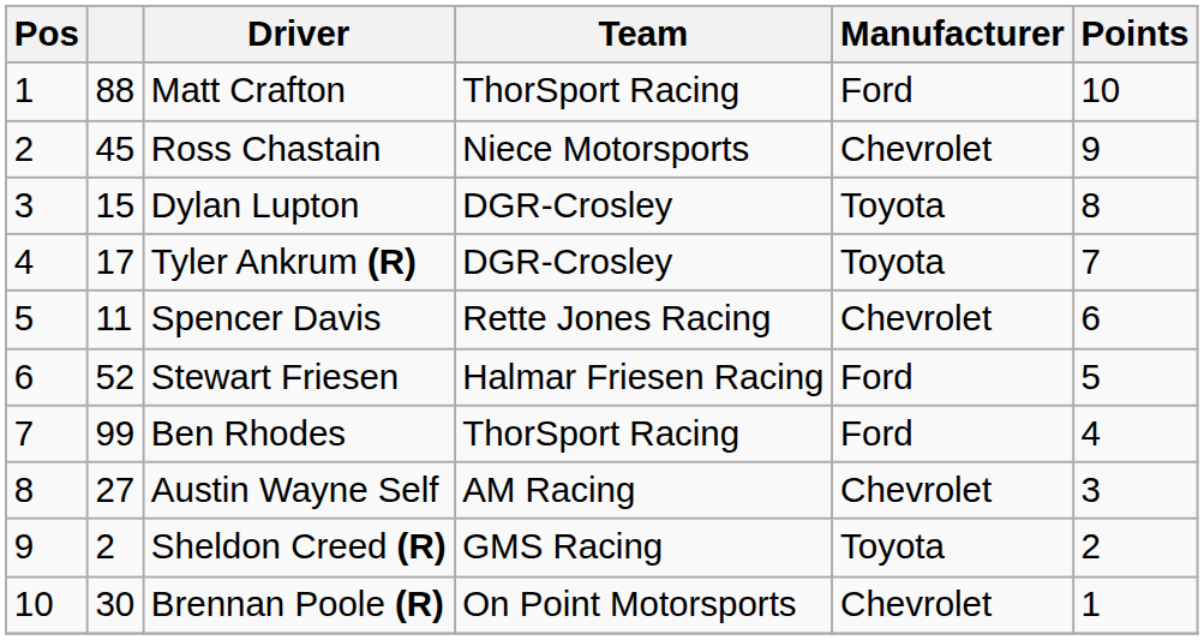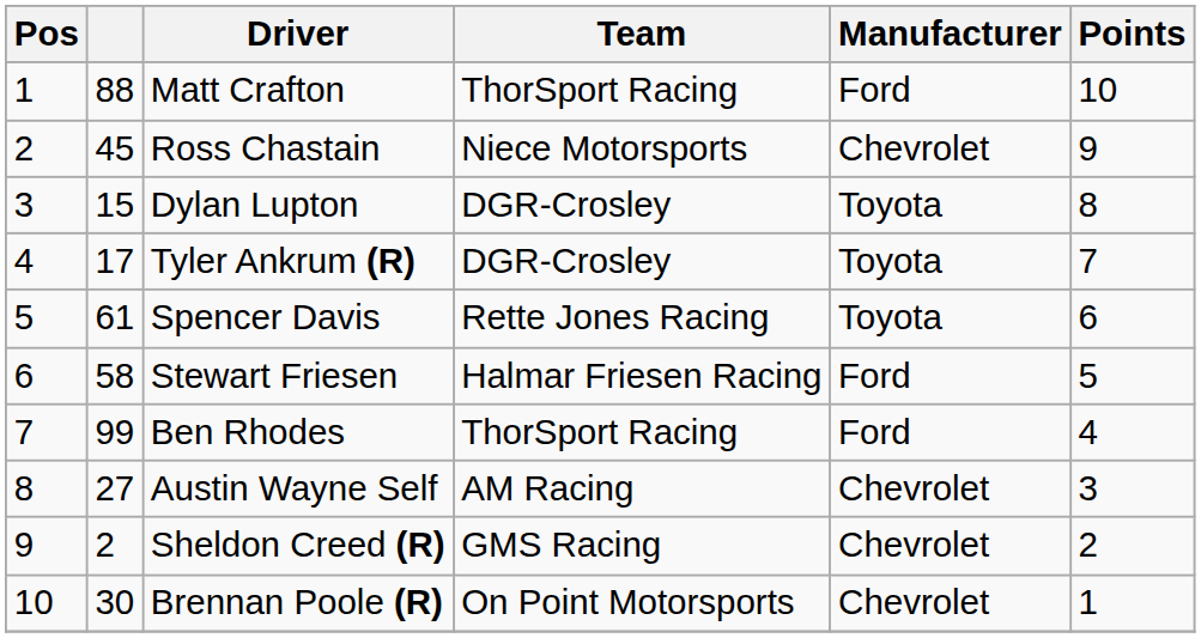 <table class="wikitable" style="font-size:98%">
 <tr>
 <th>Pos</th>
 <th></th>
 <th>Driver</th>
 <th>Team</th>
 <th>Manufacturer</th>
 <th>Points</th>
 </tr>
 <tr>
 <td>1</td>
 <td>88</td>
 <td>Matt Crafton</td>
 <td>ThorSport Racing</td>
 <td>Ford</td>
 <td>10</td>
 </tr>
 <tr>
 <td>2</td>
 <td>45</td>
 <td>Ross Chastain</td>
 <td>Niece Motorsports</td>
 <td>Chevrolet</td>
 <td>9</td>
 </tr>
 <tr>
 <td>3</td>
 <td>15</td>
 <td>Dylan Lupton</td>
 <td>DGR-Crosley</td>
 <td>Toyota</td>
 <td>8</td>
 </tr>
 <tr>
 <td>4</td>
 <td>17</td>
 <td>Tyler Ankrum <strong>(R)</strong></td>
 <td>DGR-Crosley</td>
 <td>Toyota</td>
 <td>7</td>
 </tr>
 <tr>
 <td>5</td>
-<td>11</td>
+<td>61</td>
 <td>Spencer Davis</td>
 <td>Rette Jones Racing</td>
-<td>Chevrolet</td>
+<td>Toyota</td>
 <td>6</td>
 </tr>
 <tr>
 <td>6</td>
-<td>52</td>
+<td>58</td>
 <td>Stewart Friesen</td>
 <td>Halmar Friesen Racing</td>
 <td>Ford</td>
 <td>5</td>
 </tr>
 <tr>
 <td>7</td>
 <td>99</td>
 <td>Ben Rhodes</td>
 <td>ThorSport Racing</td>
 <td>Ford</td>
 <td>4</td>
 </tr>
 <tr>
 <td>8</td>
 <td>27</td>
 <td>Austin Wayne Self</td>
 <td>AM Racing</td>
 <td>Chevrolet</td>
 <td>3</td>
 </tr>
 <tr>
 <td>9</td>
 <td>2</td>
 <td>Sheldon Creed <strong>(R)</strong></td>
 <td>GMS Racing</td>
-<td>Toyota</td>
+<td>Chevrolet</td>
 <td>2</td>
 </tr>
 <tr>
 <td>10</td>
 <td>30</td>
 <td>Brennan Poole <strong>(R)</strong></td>
 <td>On Point Motorsports</td>
 <td>Chevrolet</td>
 <td>1</td>
 </tr>
 <tr>
 </tr>
 </table>
